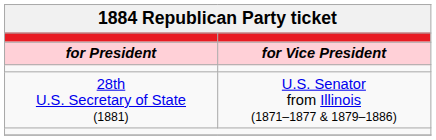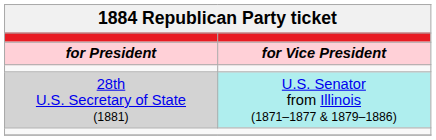 <table class="wikitable" style="font-size:90%; text-align:center;">
 <tr>
 <td style="background:#f1f1f1;" colspan="30"><big><strong>1884 Republican Party ticket</strong></big></td>
 </tr>
 <tr>
 <th style="width:3em; font-size:135%; background:#E81B23; width:200px;"><a href='#'></a></th>
 <th style="width:3em; font-size:135%; background:#E81B23; width:200px;"><a href='#'></a></th>
 </tr>
 <tr style="color:#000; font-size:100%; background:#FFD0D7;">
 <td style="width:3em; width:200px;"><strong><em>for President</em></strong></td>
 <td style="width:3em; width:200px;"><strong><em>for Vice President</em></strong></td>
 </tr>
 <tr>
 <td></td>
 <td></td>
 </tr>
 <tr>
-<td><a href='#'>28th</a> <br><a href='#'>U.S. Secretary of State</a><br><small>(1881)</small></td>
-<td><a href='#'>U.S. Senator</a><br>from <a href='#'>Illinois</a><br><small>(1871–1877 & 1879–1886)</small></td>
+<td style="background: lightgrey;"><a href='#'>28th</a> <br><a href='#'>U.S. Secretary of State</a><br><small>(1881)</small></td>
+<td style="background: paleturquoise;"><a href='#'>U.S. Senator</a><br>from <a href='#'>Illinois</a><br><small>(1871–1877 & 1879–1886)</small></td>
 </tr>
 <tr>
 <td colspan=2></td>
 </tr>
 <tr>
 </tr>
 </table>
